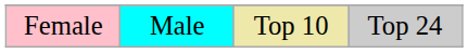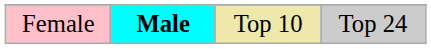 <table class="wikitable" style="margin:1em auto; text-align:center;">
 <tr>
 </tr>
 <tr>
 <td style="background:pink;" width="20%">Female</td>
-<td style="background:cyan;" width="20%">Male</td>
+<td style="background:cyan;" width="20%"><strong>Male</strong></td>
 <td style="background:palegoldenrod;" width="20%">Top 10</td>
 <td bgcolor="CCCCCC" width="20%">Top 24</td>
 </tr>
 </table>
